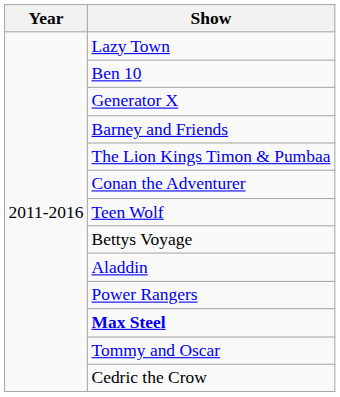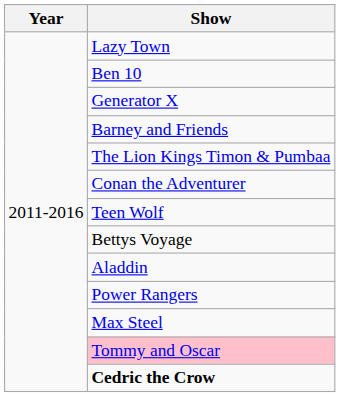 <table class="wikitable">
 <tr>
 <th>Year</th>
 <th>Show</th>
 </tr>
 <tr>
 <td rowspan="13">2011-2016</td>
 <td><a href='#'>Lazy Town</a></td>
 </tr>
 <tr>
 <td><a href='#'>Ben 10</a></td>
 </tr>
 <tr>
 <td><a href='#'>Generator X</a></td>
 </tr>
 <tr>
 <td><a href='#'>Barney and Friends</a></td>
 </tr>
 <tr>
 <td><a href='#'>The Lion Kings Timon & Pumbaa</a></td>
 </tr>
 <tr>
 <td><a href='#'>Conan the Adventurer</a></td>
 </tr>
 <tr>
 <td><a href='#'>Teen Wolf</a></td>
 </tr>
 <tr>
 <td>Bettys Voyage</td>
 </tr>
 <tr>
 <td><a href='#'>Aladdin</a></td>
 </tr>
 <tr>
 <td><a href='#'>Power Rangers</a></td>
 </tr>
 <tr>
-<td><strong><a href='#'>Max Steel</a></strong></td>
+<td><a href='#'>Max Steel</a></td>
 </tr>
 <tr>
-<td><a href='#'>Tommy and Oscar</a></td>
+<td style="background: pink;"><a href='#'>Tommy and Oscar</a></td>
 </tr>
 <tr>
-<td>Cedric the Crow</td>
+<td><strong>Cedric the Crow</strong></td>
 </tr>
 </table>
